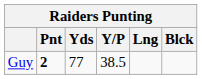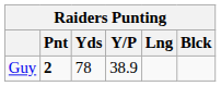 <table class="wikitable">
 <tr>
 <th colspan="6">Raiders Punting</th>
 </tr>
 <tr>
 <th></th>
 <th>Pnt</th>
 <th>Yds</th>
 <th>Y/P</th>
 <th>Lng</th>
 <th>Blck</th>
 </tr>
 <tr>
 <td><a href='#'>Guy</a></td>
 <td><strong>2</strong></td>
-<td>77</td>
-<td>38.5</td>
+<td>78</td>
+<td>38.9</td>
 <td></td>
 <td></td>
 </tr>
 </table>
